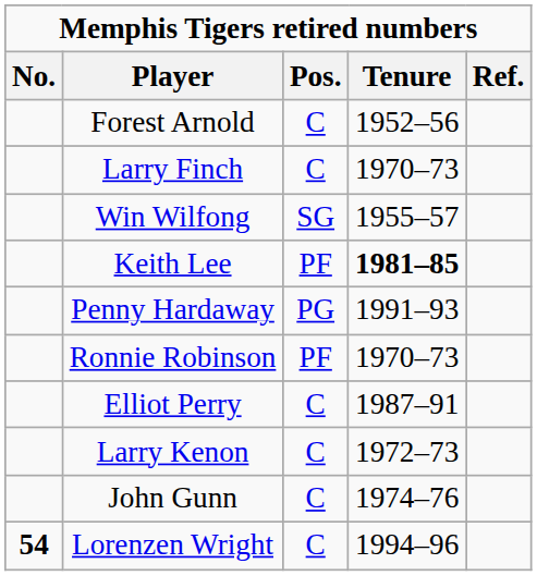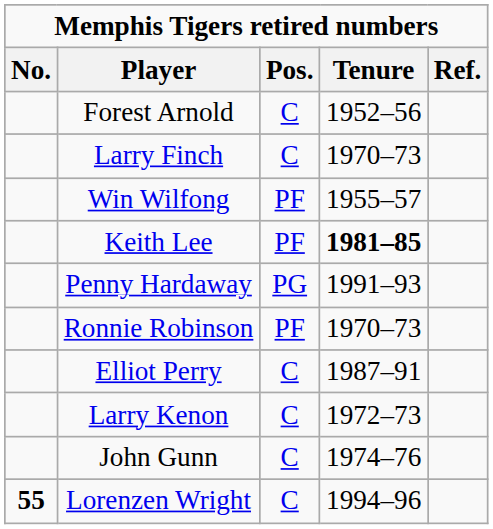 <table class="wikitable" style= text-align:center>
 <tr>
 <td colspan=6><strong>Memphis Tigers retired numbers</strong></td>
 </tr>
 <tr>
 <th style = >No.</th>
 <th style = >Player</th>
 <th style = >Pos.</th>
 <th style = >Tenure</th>
 <th style = >Ref.</th>
 </tr>
 <tr>
 <td></td>
 <td>Forest Arnold</td>
 <td><a href='#'>C</a></td>
 <td>1952–56</td>
 <td></td>
 </tr>
 <tr>
 <td></td>
 <td><a href='#'>Larry Finch</a></td>
 <td><a href='#'>C</a></td>
 <td>1970–73</td>
 <td></td>
 </tr>
 <tr>
 <td></td>
 <td><a href='#'>Win Wilfong</a></td>
-<td><a href='#'>SG</a></td>
+<td><a href='#'>PF</a></td>
 <td>1955–57</td>
 <td></td>
 </tr>
 <tr>
 <td></td>
 <td><a href='#'>Keith Lee</a></td>
 <td><a href='#'>PF</a></td>
 <td><strong>1981–85</strong></td>
 <td></td>
 </tr>
 <tr>
 <td></td>
 <td><a href='#'>Penny Hardaway</a></td>
 <td><a href='#'>PG</a></td>
 <td>1991–93</td>
 <td></td>
 </tr>
 <tr>
 <td></td>
 <td><a href='#'>Ronnie Robinson</a></td>
 <td><a href='#'>PF</a></td>
 <td>1970–73</td>
 <td></td>
 </tr>
 <tr>
 <td></td>
 <td><a href='#'>Elliot Perry</a></td>
 <td><a href='#'>C</a></td>
 <td>1987–91</td>
 <td></td>
 </tr>
 <tr>
 <td></td>
 <td><a href='#'>Larry Kenon</a></td>
 <td><a href='#'>C</a></td>
 <td>1972–73</td>
 <td></td>
 </tr>
 <tr>
 <td></td>
 <td>John Gunn</td>
 <td><a href='#'>C</a></td>
 <td>1974–76</td>
 <td></td>
 </tr>
 <tr>
-<td><strong>54</strong></td>
+<td><strong>55</strong></td>
 <td><a href='#'>Lorenzen Wright</a></td>
 <td><a href='#'>C</a></td>
 <td>1994–96</td>
 <td></td>
 </tr>
 </table>
